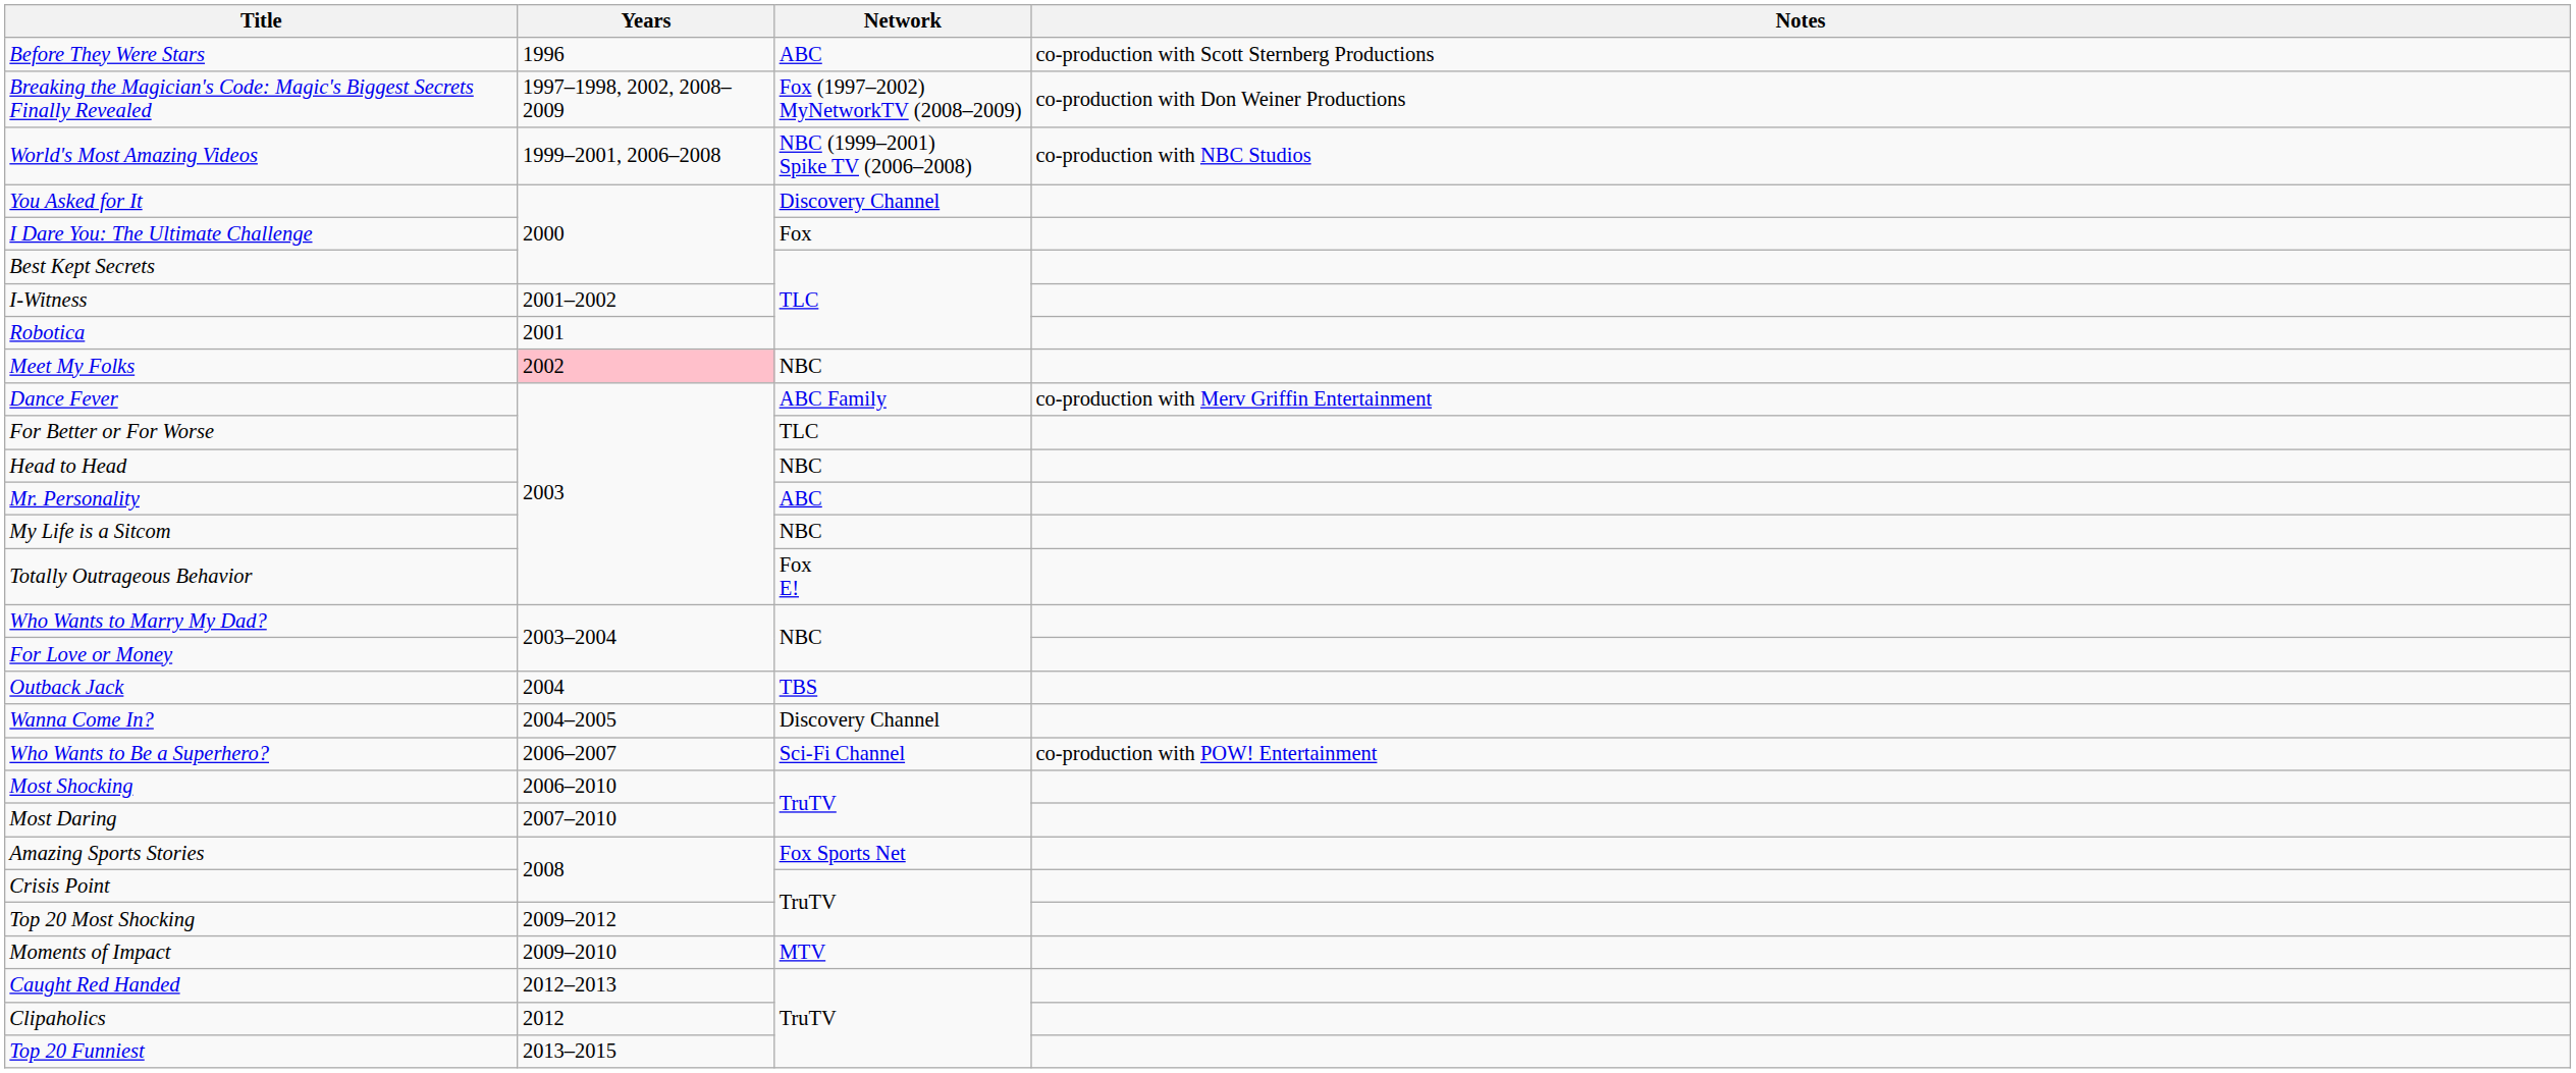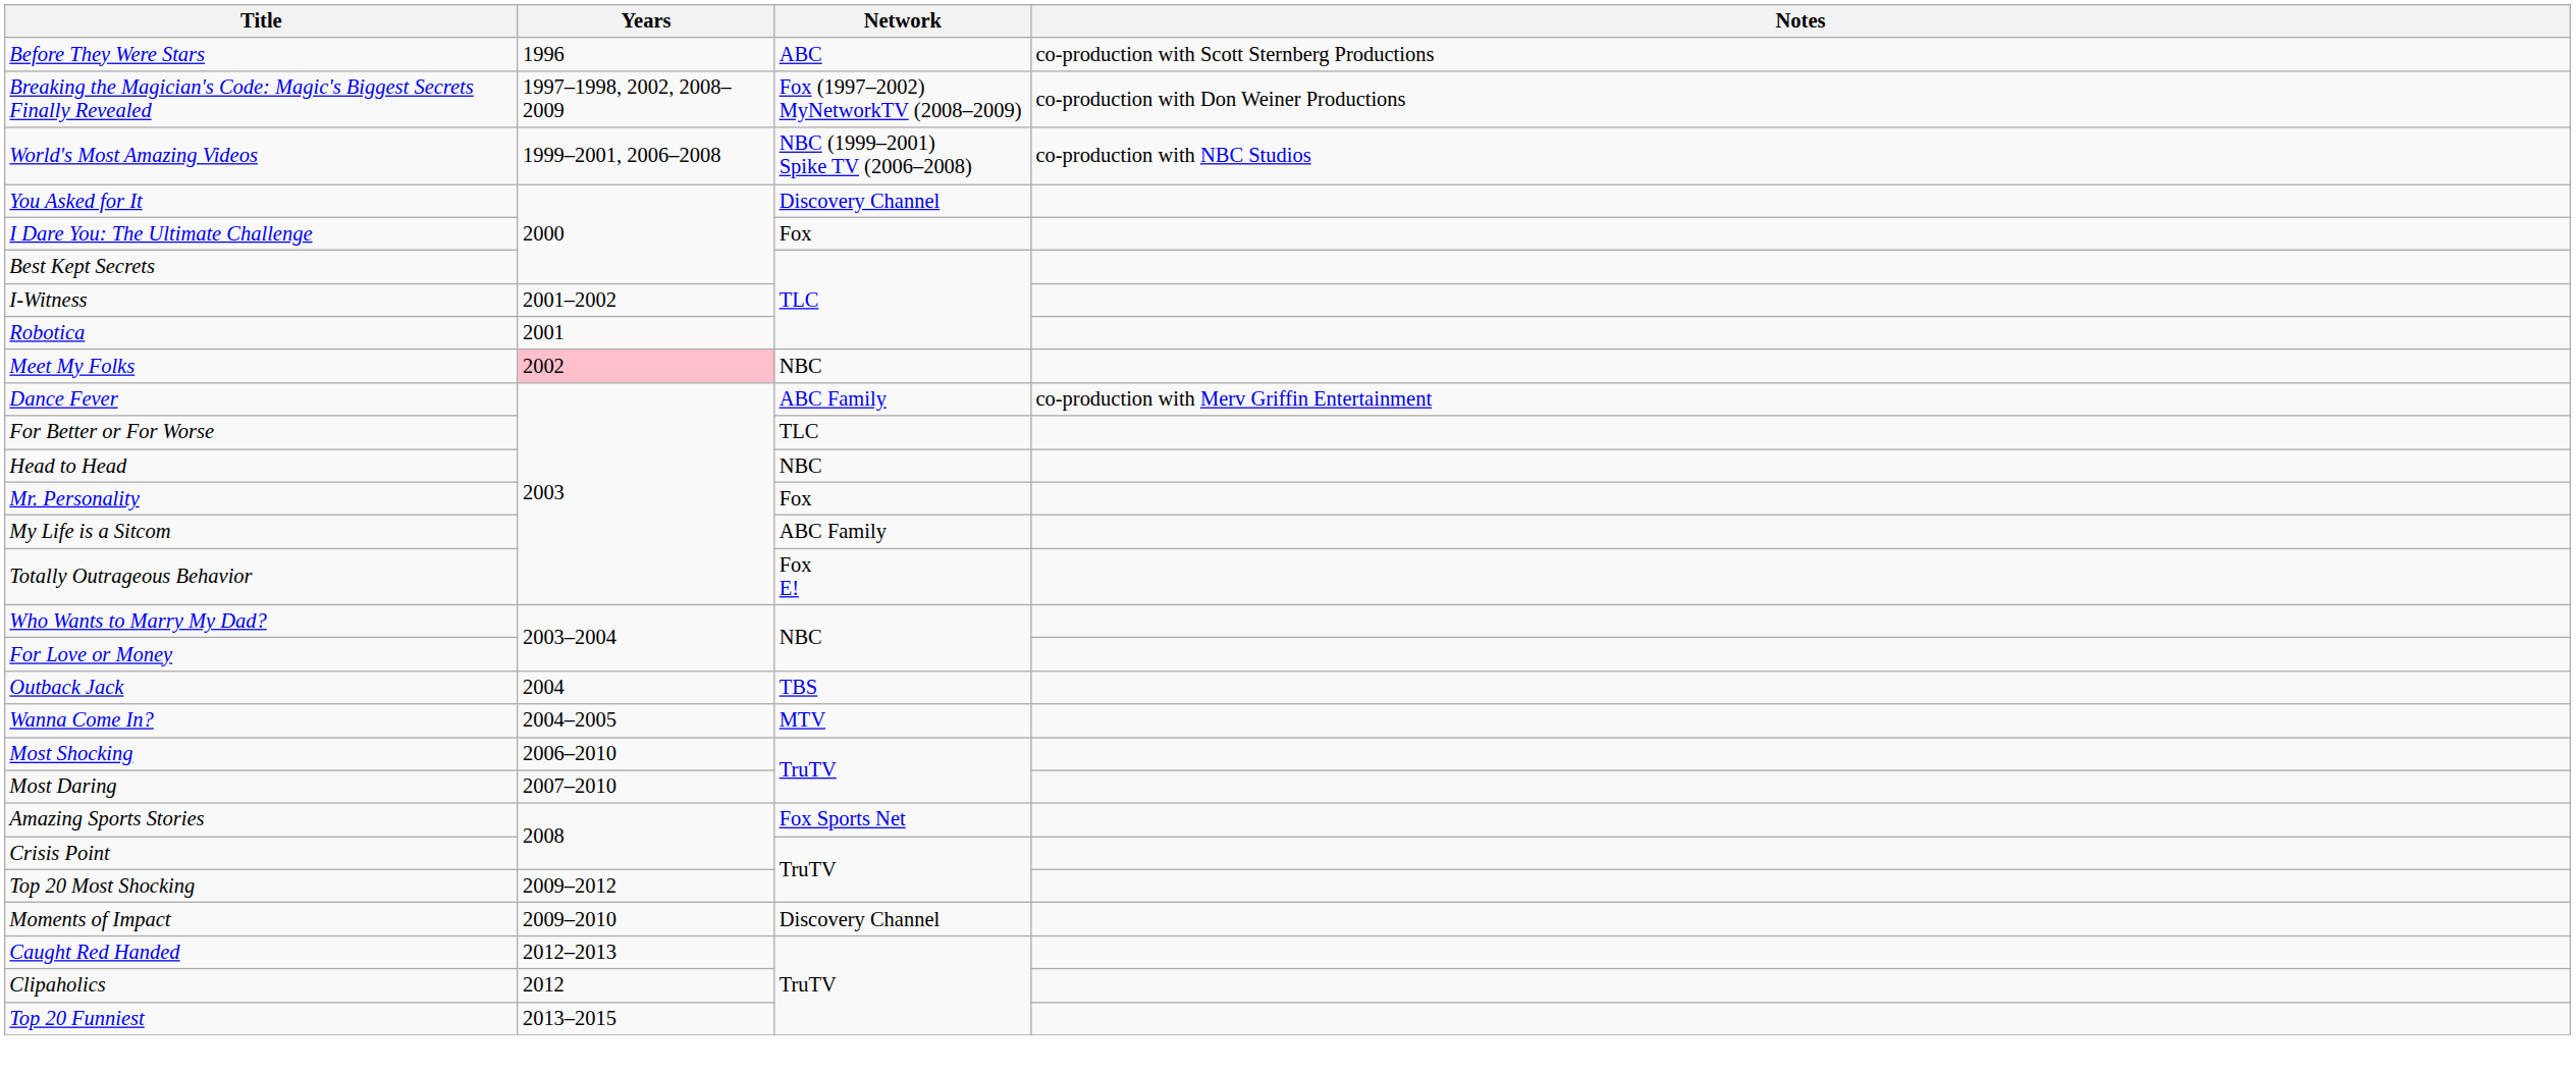 <table class="wikitable sortable">
 <tr>
 <th style="width:20%;">Title</th>
 <th style="width:10%;">Years</th>
 <th style="width:10%;">Network</th>
 <th style="width:60%;'">Notes</th>
 </tr>
 <tr>
 <td><em><a href='#'>Before They Were Stars</a></em></td>
 <td>1996</td>
 <td><a href='#'>ABC</a></td>
 <td>co-production with Scott Sternberg Productions</td>
 </tr>
 <tr>
 <td><em><a href='#'>Breaking the Magician's Code: Magic's Biggest Secrets Finally Revealed</a></em></td>
 <td>1997–1998, 2002, 2008–2009</td>
 <td><a href='#'>Fox</a> (1997–2002)<br><a href='#'>MyNetworkTV</a>  (2008–2009)</td>
 <td>co-production with Don Weiner Productions</td>
 </tr>
 <tr>
 <td><em><a href='#'>World's Most Amazing Videos</a></em></td>
 <td>1999–2001, 2006–2008</td>
 <td><a href='#'>NBC</a> (1999–2001)<br><a href='#'>Spike TV</a> (2006–2008)</td>
 <td>co-production with <a href='#'>NBC Studios</a></td>
 </tr>
 <tr>
 <td><em><a href='#'>You Asked for It</a></em></td>
 <td rowspan="3">2000</td>
 <td><a href='#'>Discovery Channel</a></td>
 <td></td>
 </tr>
 <tr>
 <td><em><a href='#'>I Dare You: The Ultimate Challenge</a></em></td>
 <td>Fox</td>
 <td></td>
 </tr>
 <tr>
 <td><em>Best Kept Secrets</em></td>
 <td rowspan="3"><a href='#'>TLC</a></td>
 <td></td>
 </tr>
 <tr>
 <td><em>I-Witness</em></td>
 <td>2001–2002</td>
 <td></td>
 </tr>
 <tr>
 <td><em><a href='#'>Robotica</a></em></td>
 <td>2001</td>
 <td></td>
 </tr>
 <tr>
 <td><em><a href='#'>Meet My Folks</a></em></td>
 <td style="background: pink;">2002</td>
 <td>NBC</td>
 <td></td>
 </tr>
 <tr>
 <td><em><a href='#'>Dance Fever</a></em></td>
 <td rowspan="6">2003</td>
 <td><a href='#'>ABC Family</a></td>
 <td>co-production with <a href='#'>Merv Griffin Entertainment</a></td>
 </tr>
 <tr>
 <td><em>For Better or For Worse</em></td>
 <td>TLC</td>
 <td></td>
 </tr>
 <tr>
 <td><em>Head to Head</em></td>
 <td>NBC</td>
 <td></td>
 </tr>
 <tr>
 <td><em><a href='#'>Mr. Personality</a></em></td>
-<td><a href='#'>ABC</a></td>
+<td>Fox</td>
 <td></td>
 </tr>
 <tr>
 <td><em>My Life is a Sitcom</em></td>
-<td>NBC</td>
+<td>ABC Family</td>
 <td></td>
 </tr>
 <tr>
 <td><em>Totally Outrageous Behavior</em></td>
 <td>Fox<br><a href='#'>E!</a></td>
 <td></td>
 </tr>
 <tr>
 <td><em><a href='#'>Who Wants to Marry My Dad?</a></em></td>
 <td rowspan="2">2003–2004</td>
 <td rowspan="2">NBC</td>
 <td></td>
 </tr>
 <tr>
 <td><em><a href='#'>For Love or Money</a></em></td>
 <td></td>
 </tr>
 <tr>
 <td><em><a href='#'>Outback Jack</a></em></td>
 <td>2004</td>
 <td><a href='#'>TBS</a></td>
 <td></td>
 </tr>
 <tr>
 <td><em><a href='#'>Wanna Come In?</a></em></td>
 <td>2004–2005</td>
-<td>Discovery Channel</td>
+<td><a href='#'>MTV</a></td>
 <td></td>
-</tr>
-<tr>
-<td><em><a href='#'>Who Wants to Be a Superhero?</a></em></td>
-<td>2006–2007</td>
-<td><a href='#'>Sci-Fi Channel</a></td>
-<td>co-production with <a href='#'>POW! Entertainment</a></td>
 </tr>
 <tr>
 <td><em><a href='#'>Most Shocking</a></em></td>
 <td>2006–2010</td>
 <td rowspan="2"><a href='#'>TruTV</a></td>
 <td></td>
 </tr>
 <tr>
 <td><em>Most Daring</em></td>
 <td>2007–2010</td>
 <td></td>
 </tr>
 <tr>
 <td><em>Amazing Sports Stories</em></td>
 <td rowspan="2">2008</td>
 <td><a href='#'>Fox Sports Net</a></td>
 <td></td>
 </tr>
 <tr>
 <td><em>Crisis Point</em></td>
 <td rowspan="2">TruTV</td>
 <td></td>
 </tr>
 <tr>
 <td><em>Top 20 Most Shocking</em></td>
 <td>2009–2012</td>
 <td></td>
 </tr>
 <tr>
 <td><em>Moments of Impact</em></td>
 <td>2009–2010</td>
-<td><a href='#'>MTV</a></td>
+<td>Discovery Channel</td>
 <td></td>
 </tr>
 <tr>
 <td><em><a href='#'>Caught Red Handed</a></em></td>
 <td>2012–2013</td>
 <td rowspan="3">TruTV</td>
 <td></td>
 </tr>
 <tr>
 <td><em>Clipaholics</em></td>
 <td>2012</td>
 <td></td>
 </tr>
 <tr>
 <td><em><a href='#'>Top 20 Funniest</a></em></td>
 <td>2013–2015</td>
 <td></td>
 </tr>
 </table>
